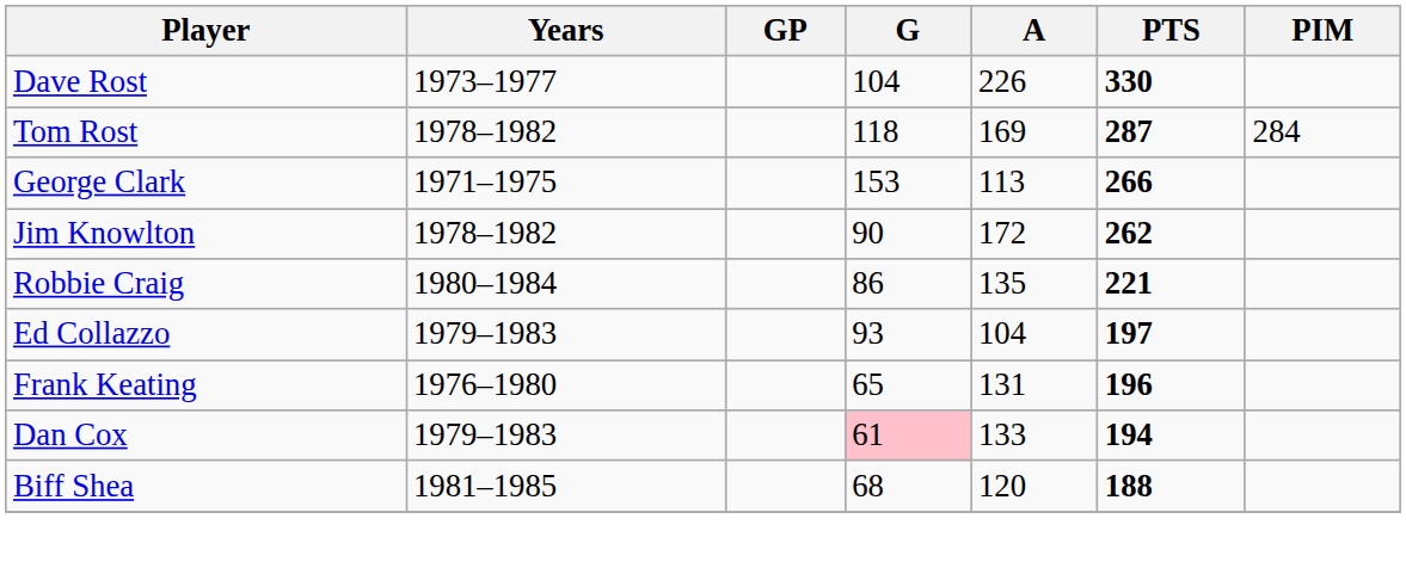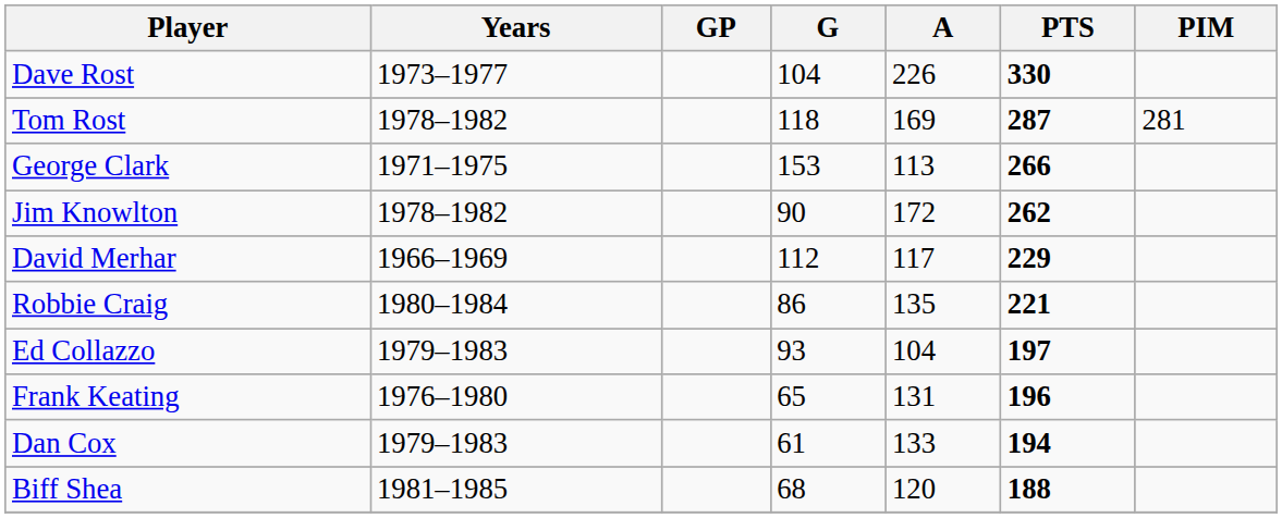 <table class="wikitable sortable" width ="700">
 <tr>
 <th>Player</th>
 <th>Years</th>
 <th>GP</th>
 <th>G</th>
 <th>A</th>
 <th>PTS</th>
 <th>PIM</th>
 </tr>
 <tr>
 <td><a href='#'>Dave Rost</a></td>
 <td>1973–1977</td>
 <td></td>
 <td>104</td>
 <td>226</td>
 <td><strong>330</strong></td>
 <td></td>
 </tr>
 <tr>
 <td><a href='#'>Tom Rost</a></td>
 <td>1978–1982</td>
 <td></td>
 <td>118</td>
 <td>169</td>
 <td><strong>287</strong></td>
-<td>284</td>
+<td>281</td>
 </tr>
 <tr>
 <td><a href='#'>George Clark</a></td>
 <td>1971–1975</td>
 <td></td>
 <td>153</td>
 <td>113</td>
 <td><strong>266</strong></td>
 <td></td>
 </tr>
 <tr>
 <td><a href='#'>Jim Knowlton</a></td>
 <td>1978–1982</td>
 <td></td>
 <td>90</td>
 <td>172</td>
 <td><strong>262</strong></td>
+<td></td>
+</tr>
+<tr>
+<td><a href='#'>David Merhar</a></td>
+<td>1966–1969</td>
+<td></td>
+<td>112</td>
+<td>117</td>
+<td><strong>229</strong></td>
 <td></td>
 </tr>
 <tr>
 <td><a href='#'>Robbie Craig</a></td>
 <td>1980–1984</td>
 <td></td>
 <td>86</td>
 <td>135</td>
 <td><strong>221</strong></td>
 <td></td>
 </tr>
 <tr>
 <td><a href='#'>Ed Collazzo</a></td>
 <td>1979–1983</td>
 <td></td>
 <td>93</td>
 <td>104</td>
 <td><strong>197</strong></td>
 <td></td>
 </tr>
 <tr>
 <td><a href='#'>Frank Keating</a></td>
 <td>1976–1980</td>
 <td></td>
 <td>65</td>
 <td>131</td>
 <td><strong>196</strong></td>
 <td></td>
 </tr>
 <tr>
 <td><a href='#'>Dan Cox</a></td>
 <td>1979–1983</td>
 <td></td>
-<td style="background: pink;">61</td>
+<td>61</td>
 <td>133</td>
 <td><strong>194</strong></td>
 <td></td>
 </tr>
 <tr>
 <td><a href='#'>Biff Shea</a></td>
 <td>1981–1985</td>
 <td></td>
 <td>68</td>
 <td>120</td>
 <td><strong>188</strong></td>
 <td></td>
 </tr>
 <tr>
 </tr>
 </table>
